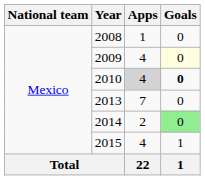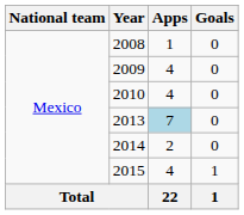 <table class="wikitable" style="text-align: center;">
 <tr>
 <th>National team</th>
 <th>Year</th>
 <th>Apps</th>
 <th>Goals</th>
 </tr>
 <tr>
 <td rowspan="6" valign="center"><a href='#'>Mexico</a></td>
 <td>2008</td>
 <td>1</td>
 <td>0</td>
 </tr>
 <tr>
 <td>2009</td>
 <td>4</td>
-<td style="background: lightyellow;">0</td>
+<td>0</td>
 </tr>
 <tr>
 <td>2010</td>
-<td style="background: lightgrey;">4</td>
-<td><strong>0</strong></td>
+<td>4</td>
+<td>0</td>
 </tr>
 <tr>
 <td>2013</td>
-<td>7</td>
+<td style="background: lightblue;">7</td>
 <td>0</td>
 </tr>
 <tr>
 <td>2014</td>
 <td>2</td>
-<td style="background: lightgreen;">0</td>
+<td>0</td>
 </tr>
 <tr>
 <td>2015</td>
 <td>4</td>
 <td>1</td>
 </tr>
 <tr>
 <th colspan="2">Total</th>
 <th>22</th>
 <th>1</th>
 </tr>
 </table>
